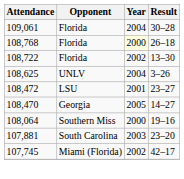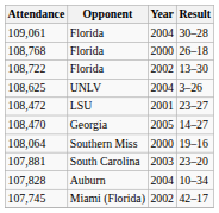 <table class="wikitable">
 <tr>
 <th>Attendance</th>
 <th>Opponent</th>
 <th>Year</th>
 <th>Result</th>
 </tr>
 <tr>
 <td>109,061</td>
 <td>Florida</td>
 <td>2004</td>
 <td>30–28</td>
 </tr>
 <tr>
 <td>108,768</td>
 <td>Florida</td>
-<td style="background: lightyellow;">2000</td>
+<td>2000</td>
 <td>26–18</td>
 </tr>
 <tr>
 <td>108,722</td>
 <td>Florida</td>
 <td>2002</td>
 <td>13–30</td>
 </tr>
 <tr>
 <td>108,625</td>
 <td>UNLV</td>
 <td>2004</td>
 <td>3–26</td>
 </tr>
 <tr>
 <td>108,472</td>
 <td>LSU</td>
 <td>2001</td>
 <td>23–27</td>
 </tr>
 <tr>
 <td>108,470</td>
 <td>Georgia</td>
 <td>2005</td>
 <td>14–27</td>
 </tr>
 <tr>
 <td>108,064</td>
 <td>Southern Miss</td>
 <td>2000</td>
 <td>19–16</td>
 </tr>
 <tr>
 <td>107,881</td>
 <td>South Carolina</td>
 <td>2003</td>
 <td>23–20</td>
 </tr>
 <tr>
+<td>107,828</td>
+<td>Auburn</td>
+<td>2004</td>
+<td>10–34</td>
+</tr>
+<tr>
 <td>107,745</td>
 <td>Miami (Florida)</td>
 <td>2002</td>
 <td>42–17</td>
 </tr>
 <tr>
 </tr>
 </table>
